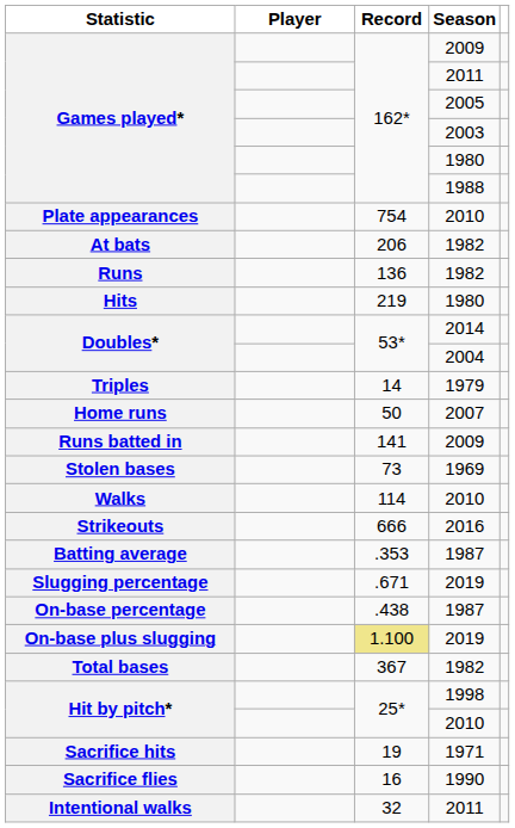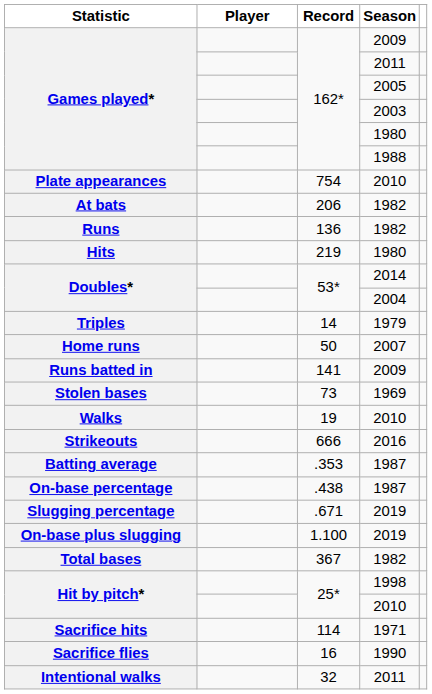 <table class="sortable wikitable plainrowheaders" style="text-align:center">
 <tr>
 <th width="200px" scope="col" style="background-color:#ffffff; border-top:#">Statistic</th>
 <th width="100px" scope="col" style="background-color:#ffffff; border-top:#">Player</th>
 <th width="60px" class="unsortable" scope="col" style="background-color:#ffffff; border-top:#">Record</th>
 <th scope="col" style="background-color:#ffffff; border-top:#">Season</th>
 <th class="unsortable" scope="col" style="background-color:#ffffff; border-top:#"></th>
 </tr>
 <tr>
 <th scope="row" style="text-align:center" rowspan="6"><a href='#'>Games played</a>*</th>
 <td></td>
 <td rowspan="6">162*</td>
 <td>2009</td>
 <td></td>
 </tr>
 <tr>
 <td></td>
 <td>2011</td>
 <td></td>
 </tr>
 <tr>
 <td></td>
 <td>2005</td>
 <td></td>
 </tr>
 <tr>
 <td></td>
 <td>2003</td>
 <td></td>
 </tr>
 <tr>
 <td></td>
 <td>1980</td>
 <td></td>
 </tr>
 <tr>
 <td></td>
 <td>1988</td>
 <td></td>
 </tr>
 <tr>
 <th scope="row" style="text-align:center"><a href='#'>Plate appearances</a></th>
 <td></td>
 <td>754</td>
 <td>2010</td>
 <td></td>
 </tr>
 <tr>
 <th scope="row" style="text-align:center"><a href='#'>At bats</a></th>
 <td></td>
 <td>206</td>
 <td>1982</td>
 <td></td>
 </tr>
 <tr>
 <th scope="row" style="text-align:center"><a href='#'>Runs</a></th>
 <td></td>
 <td>136</td>
 <td>1982</td>
 <td></td>
 </tr>
 <tr>
 <th scope="row" style="text-align:center"><a href='#'>Hits</a></th>
 <td></td>
 <td>219</td>
 <td>1980</td>
 <td></td>
 </tr>
 <tr>
 <th scope="row" style="text-align:center" rowspan="2"><a href='#'>Doubles</a>*</th>
 <td></td>
 <td rowspan="2">53*</td>
 <td>2014</td>
 <td></td>
 </tr>
 <tr>
 <td></td>
 <td>2004</td>
 <td></td>
 </tr>
 <tr>
 <th scope="row" style="text-align:center"><a href='#'>Triples</a></th>
 <td></td>
 <td>14</td>
 <td>1979</td>
 <td></td>
 </tr>
 <tr>
 <th scope="row" style="text-align:center"><a href='#'>Home runs</a></th>
 <td></td>
 <td>50</td>
 <td>2007</td>
 <td></td>
 </tr>
 <tr>
 <th scope="row" style="text-align:center"><a href='#'>Runs batted in</a></th>
 <td></td>
 <td>141</td>
 <td>2009</td>
 <td></td>
 </tr>
 <tr>
 <th scope="row" style="text-align:center"><a href='#'>Stolen bases</a></th>
 <td></td>
 <td>73</td>
 <td>1969</td>
 <td></td>
 </tr>
 <tr>
 <th scope="row" style="text-align:center"><a href='#'>Walks</a></th>
 <td></td>
-<td>114</td>
+<td>19</td>
 <td>2010</td>
 <td></td>
 </tr>
 <tr>
 <th scope="row" style="text-align:center"><a href='#'>Strikeouts</a></th>
 <td></td>
 <td>666</td>
 <td>2016</td>
 <td></td>
 </tr>
 <tr>
 <th scope="row" style="text-align:center"><a href='#'>Batting average</a></th>
 <td></td>
 <td>.353</td>
 <td>1987</td>
 <td></td>
 </tr>
 <tr>
+<th scope="row" style="text-align:center"><a href='#'>On-base percentage</a></th>
+<td></td>
+<td>.438</td>
+<td>1987</td>
+<td></td>
+</tr>
+<tr>
 <th scope="row" style="text-align:center"><a href='#'>Slugging percentage</a></th>
 <td></td>
 <td>.671</td>
 <td>2019</td>
 <td></td>
 </tr>
 <tr>
-<th scope="row" style="text-align:center"><a href='#'>On-base percentage</a></th>
-<td></td>
-<td>.438</td>
-<td>1987</td>
-<td></td>
-</tr>
-<tr>
 <th scope="row" style="text-align:center"><a href='#'>On-base plus slugging</a></th>
 <td></td>
-<td style="background: khaki;">1.100</td>
+<td>1.100</td>
 <td>2019</td>
 <td></td>
 </tr>
 <tr>
 <th scope="row" style="text-align:center"><a href='#'>Total bases</a></th>
 <td></td>
 <td>367</td>
 <td>1982</td>
 <td></td>
 </tr>
 <tr>
 <th scope="row" style="text-align:center" rowspan="2"><a href='#'>Hit by pitch</a>*</th>
 <td></td>
 <td rowspan="2">25*</td>
 <td>1998</td>
 <td></td>
 </tr>
 <tr>
 <td></td>
 <td>2010</td>
 <td></td>
 </tr>
 <tr>
 <th scope="row" style="text-align:center"><a href='#'>Sacrifice hits</a></th>
 <td></td>
-<td>19</td>
+<td>114</td>
 <td>1971</td>
 <td></td>
 </tr>
 <tr>
 <th scope="row" style="text-align:center"><a href='#'>Sacrifice flies</a></th>
 <td></td>
 <td>16</td>
 <td>1990</td>
 <td></td>
 </tr>
 <tr>
 <th scope="row" style="text-align:center"><a href='#'>Intentional walks</a></th>
 <td></td>
 <td>32</td>
 <td>2011</td>
 <td></td>
 </tr>
 </table>
